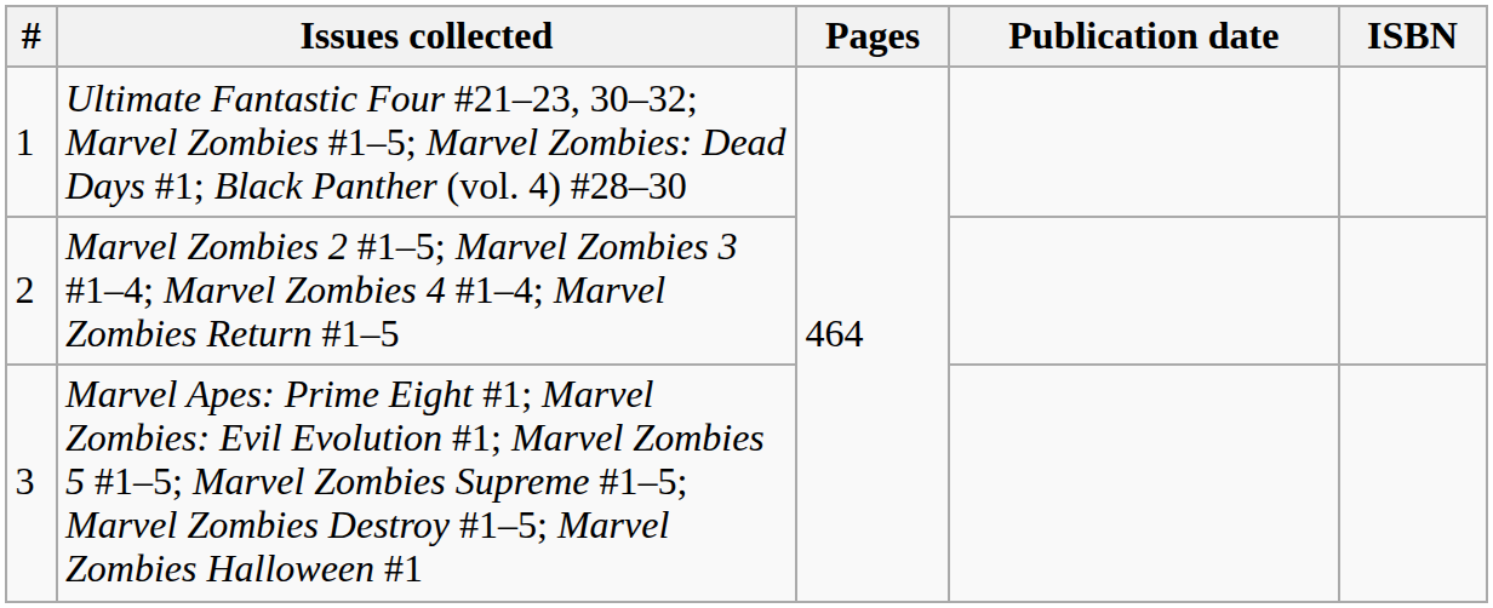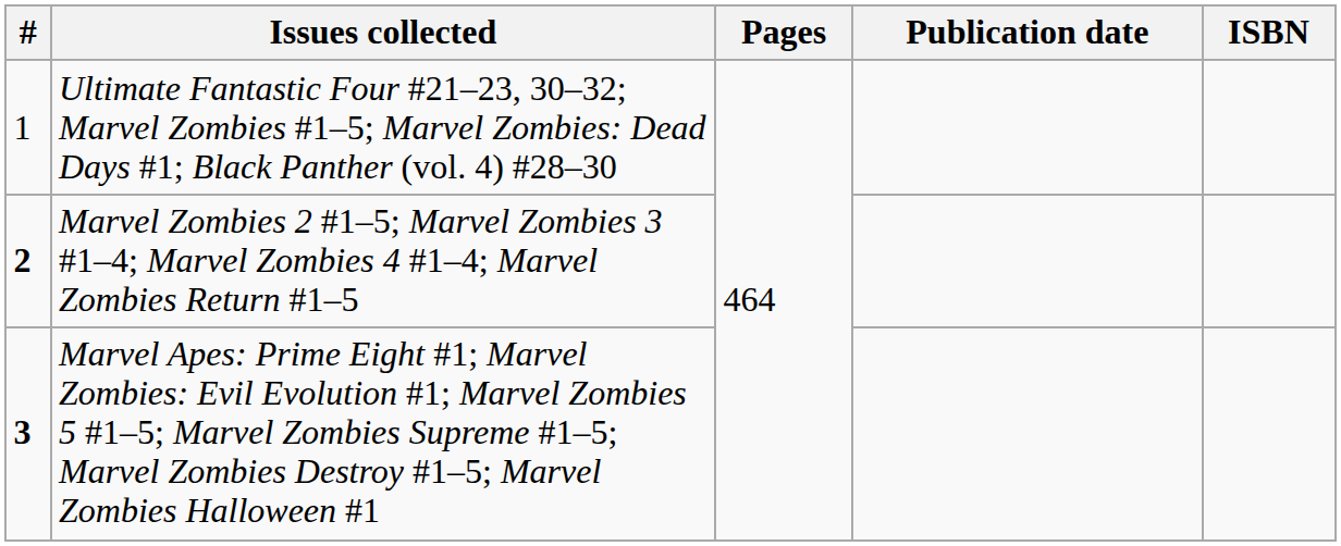 <table class="wikitable sortable" width=98%>
 <tr>
 <th class="unsortable">#</th>
 <th class="unsortable" width="50%">Issues collected</th>
 <th>Pages</th>
 <th>Publication date</th>
 <th class="unsortable">ISBN</th>
 </tr>
 <tr>
 <td>1</td>
 <td><em>Ultimate Fantastic Four</em> #21–23, 30–32; <em>Marvel Zombies</em> #1–5; <em>Marvel Zombies: Dead Days</em> #1; <em>Black Panther</em> (vol. 4) #28–30</td>
 <td rowspan="3">464</td>
 <td></td>
 <td></td>
 </tr>
 <tr>
-<td>2</td>
+<td><strong>2</strong></td>
 <td><em>Marvel Zombies 2</em> #1–5; <em>Marvel Zombies 3</em> #1–4; <em>Marvel Zombies 4</em> #1–4; <em>Marvel Zombies Return</em> #1–5</td>
 <td></td>
 <td></td>
 </tr>
 <tr>
-<td>3</td>
+<td><strong>3</strong></td>
 <td><em>Marvel Apes: Prime Eight</em> #1; <em>Marvel Zombies: Evil Evolution</em> #1; <em>Marvel Zombies 5</em> #1–5; <em>Marvel Zombies Supreme</em> #1–5; <em>Marvel Zombies Destroy</em> #1–5; <em>Marvel Zombies Halloween</em> #1</td>
 <td></td>
 <td></td>
 </tr>
 </table>
